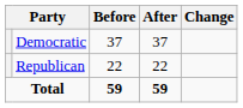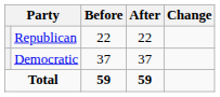 <table class="wikitable" style="text-align:center;">
 <tr>
 <th colspan="2">Party</th>
 <th>Before</th>
 <th>After</th>
 <th>Change</th>
 </tr>
 <tr>
 <th style="background-color:"></th>
-<td style="text-align:left;"><a href='#'>Democratic</a></td>
-<td>37</td>
-<td>37</td>
+<td style="text-align:left;"><a href='#'>Republican</a></td>
+<td>22</td>
+<td>22</td>
 <td></td>
 </tr>
 <tr>
 <th style="background-color:"></th>
-<td style="text-align:left;"><a href='#'>Republican</a></td>
-<td>22</td>
-<td>22</td>
+<td style="text-align:left;"><a href='#'>Democratic</a></td>
+<td>37</td>
+<td>37</td>
 <td></td>
 </tr>
 <tr>
 <td colspan="2"><strong>Total</strong></td>
 <td><strong>59</strong></td>
 <td><strong>59</strong></td>
 <td></td>
 </tr>
 </table>
